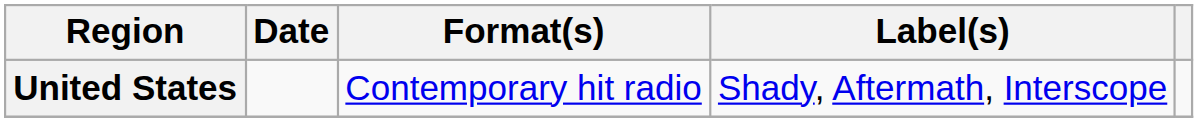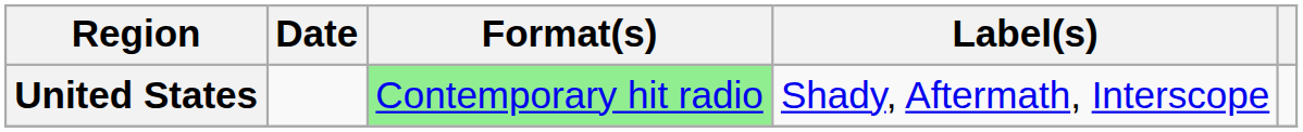 <table class="wikitable plainrowheaders" style="text-align:left">
 <tr>
 <th scope="col">Region</th>
 <th scope="col">Date</th>
 <th scope="col">Format(s)</th>
 <th scope="col">Label(s)</th>
 <th scope="col"></th>
 </tr>
 <tr>
 <th scope="row">United States</th>
 <td></td>
-<td><a href='#'>Contemporary hit radio</a></td>
+<td style="background: lightgreen;"><a href='#'>Contemporary hit radio</a></td>
 <td><a href='#'>Shady</a>, <a href='#'>Aftermath</a>, <a href='#'>Interscope</a></td>
 <td></td>
 </tr>
 <tr>
 </tr>
 </table>
